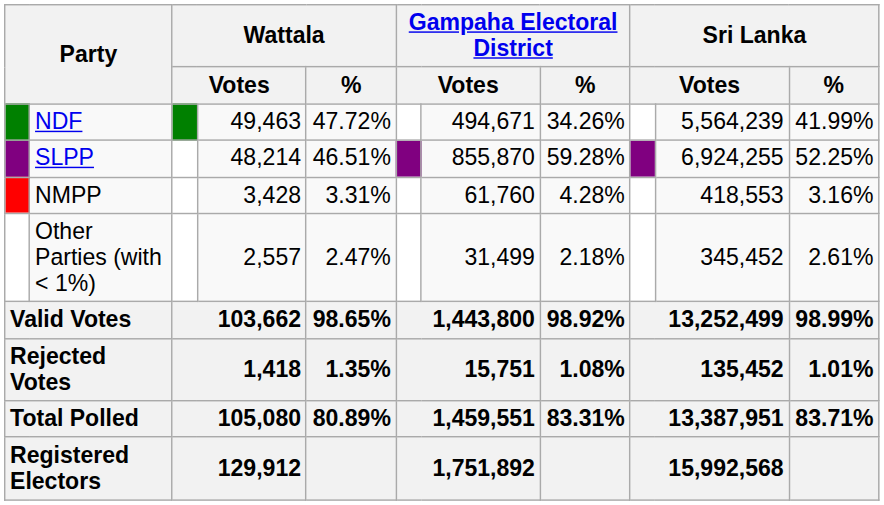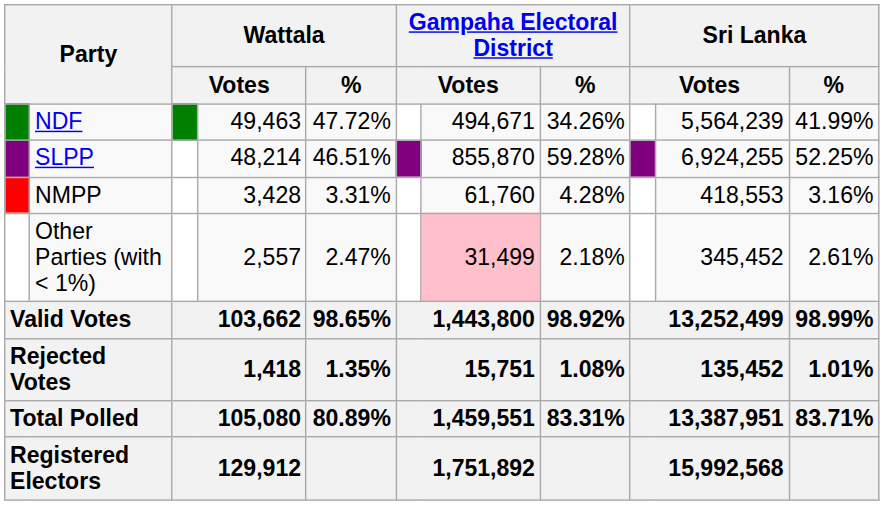 <table class="wikitable">
 <tr>
 <th colspan="2" width="144px"rowspan="2">Party</th>
 <th colspan="3" width="216px">Wattala</th>
 <th colspan="3" width="216px"><a href='#'>Gampaha Electoral District</a></th>
 <th colspan="3" width="216px">Sri Lanka</th>
 </tr>
 <tr>
 <th colspan="2" width="144px">Votes</th>
 <th>%</th>
 <th colspan="2" width="144px">Votes</th>
 <th>%</th>
 <th colspan="2" width="144px">Votes</th>
 <th>%</th>
 </tr>
 <tr>
 <td style="background-color:green;" width="10px"></td>
 <td style="text-align:left;"><a href='#'>NDF</a></td>
 <td style="background-color:green;" width="10px"></td>
 <td style="text-align:right;">49,463</td>
 <td style="text-align:right;">47.72%</td>
 <td style="background-color:white;" width="10px"></td>
 <td style="text-align:right;">494,671</td>
 <td style="text-align:right;">34.26%</td>
 <td style="background-color:white;" width="10px"></td>
 <td style="text-align:right;">5,564,239</td>
 <td style="text-align:right;">41.99%</td>
 </tr>
 <tr>
 <td style="background-color:purple;" width="10px"></td>
 <td style="text-align:left;"><a href='#'>SLPP</a></td>
 <td style="background-color:white;" width="10px"></td>
 <td style="text-align:right;">48,214</td>
 <td style="text-align:right;">46.51%</td>
 <td style="background-color:purple;" width="10px"></td>
 <td style="text-align:right;">855,870</td>
 <td style="text-align:right;">59.28%</td>
 <td style="background-color:purple;" width="10px"></td>
 <td style="text-align:right;">6,924,255</td>
 <td style="text-align:right;">52.25%</td>
 </tr>
 <tr>
 <td style="background-color:red;" width="10px"></td>
 <td style="text-align:left;">NMPP</td>
 <td style="background-color:white;" width="10px"></td>
 <td style="text-align:right;">3,428</td>
 <td style="text-align:right;">3.31%</td>
 <td style="background-color:white;" width="10px"></td>
 <td style="text-align:right;">61,760</td>
 <td style="text-align:right;">4.28%</td>
 <td style="background-color:white;" width="10px"></td>
 <td style="text-align:right;">418,553</td>
 <td style="text-align:right;">3.16%</td>
 </tr>
 <tr>
 <td style="background-color:white;" width="10px"></td>
 <td style="text-align:left;">Other Parties (with < 1%)</td>
 <td style="background-color:white;" width="10px"></td>
 <td style="text-align:right;">2,557</td>
 <td style="text-align:right;">2.47%</td>
 <td style="background-color:white;" width="10px"></td>
-<td style="text-align:right;">31,499</td>
+<td style="background: pink; text-align:right;">31,499</td>
 <td style="text-align:right;">2.18%</td>
 <td style="background-color:white;" width="10px"></td>
 <td style="text-align:right;">345,452</td>
 <td style="text-align:right;">2.61%</td>
 </tr>
 <tr>
 <th colspan="2" width="144px"style="text-align:left;">Valid Votes</th>
 <th style="text-align:right;"colspan="2" width="144px">103,662</th>
 <th style="text-align:right;">98.65%</th>
 <th style="text-align:right;"colspan="2" width="144px">1,443,800</th>
 <th style="text-align:right;">98.92%</th>
 <th style="text-align:right;"colspan="2" width="144px">13,252,499</th>
 <th style="text-align:right;">98.99%</th>
 </tr>
 <tr>
 <th colspan="2" width="144px"style="text-align:left;">Rejected Votes</th>
 <th style="text-align:right;"colspan="2" width="144px">1,418</th>
 <th style="text-align:right;">1.35%</th>
 <th style="text-align:right;"colspan="2" width="144px">15,751</th>
 <th style="text-align:right;">1.08%</th>
 <th style="text-align:right;"colspan="2" width="144px">135,452</th>
 <th style="text-align:right;">1.01%</th>
 </tr>
 <tr>
 <th colspan="2" width="144px"style="text-align:left;">Total Polled</th>
 <th style="text-align:right;"colspan="2" width="144px">105,080</th>
 <th style="text-align:right;">80.89%</th>
 <th style="text-align:right;"colspan="2" width="144px">1,459,551</th>
 <th style="text-align:right;">83.31%</th>
 <th style="text-align:right;"colspan="2" width="144px">13,387,951</th>
 <th style="text-align:right;">83.71%</th>
 </tr>
 <tr>
 <th colspan="2" width="144px"style="text-align:left;">Registered Electors</th>
 <th style="text-align:right;"colspan="2" width="144px">129,912</th>
 <th></th>
 <th style="text-align:right;"colspan="2" width="144px">1,751,892</th>
 <th></th>
 <th style="text-align:right;"colspan="2" width="144px">15,992,568</th>
 <th></th>
 </tr>
 </table>
